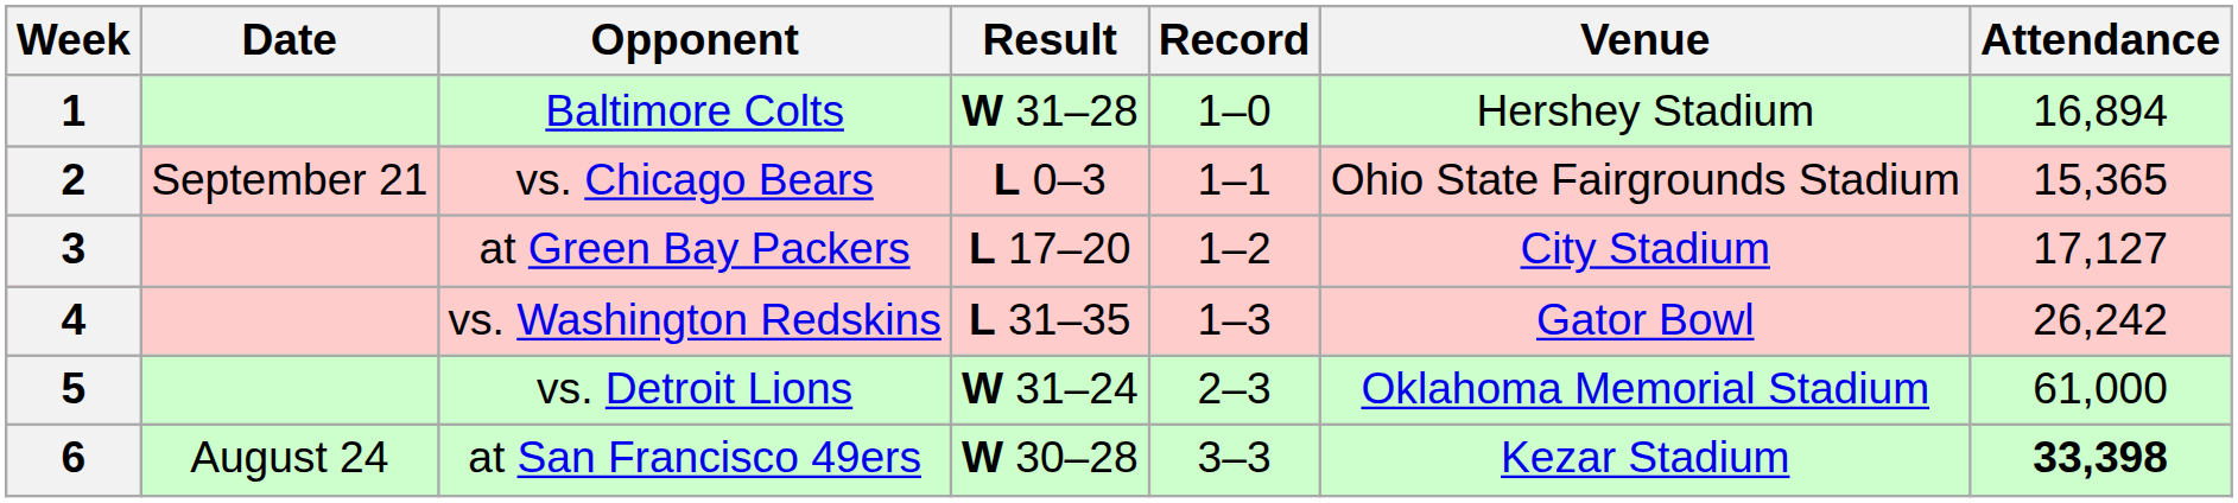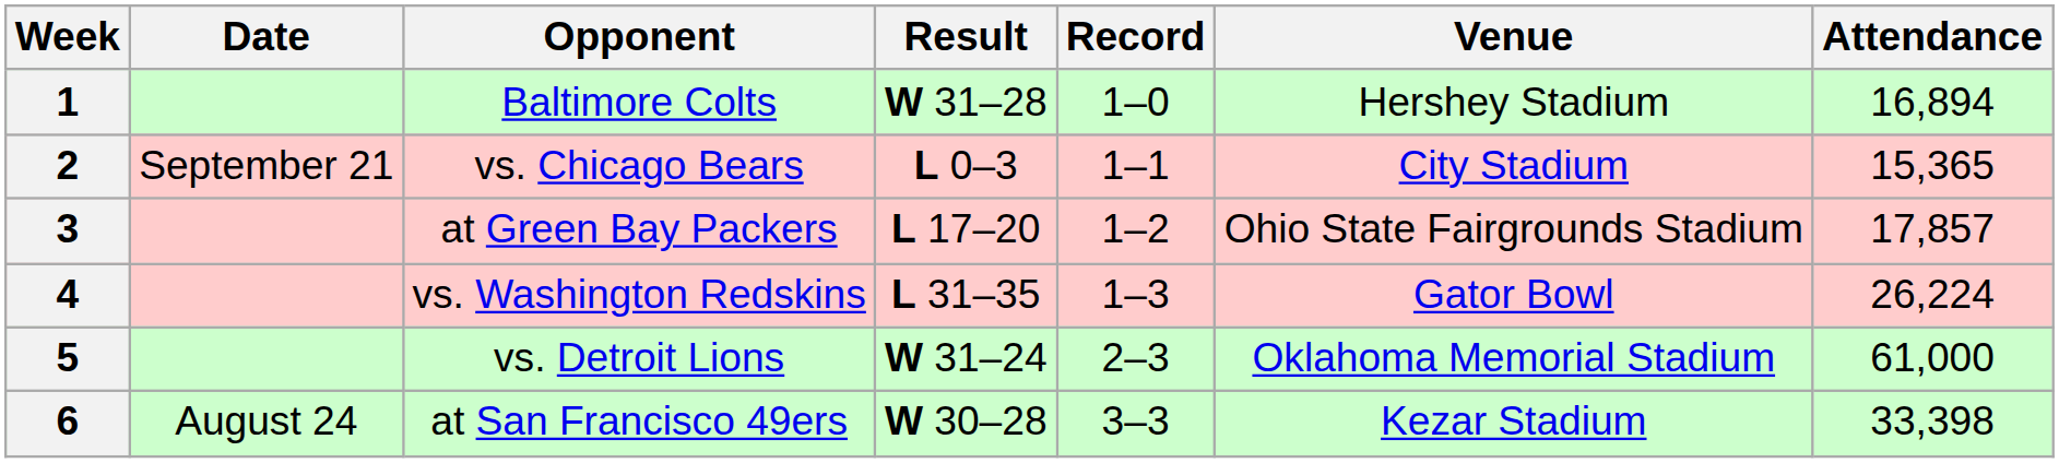 <table class="wikitable" style="text-align:center">
 <tr>
 <th>Week</th>
 <th>Date</th>
 <th>Opponent</th>
 <th>Result</th>
 <th>Record</th>
 <th>Venue</th>
 <th>Attendance</th>
 </tr>
 <tr style="background:#cfc">
 <th>1</th>
 <td></td>
 <td><a href='#'>Baltimore Colts</a></td>
 <td><strong>W</strong> 31–28</td>
 <td>1–0</td>
 <td>Hershey Stadium</td>
 <td>16,894</td>
 </tr>
 <tr style="background:#fcc">
 <th>2</th>
 <td>September 21</td>
 <td>vs. <a href='#'>Chicago Bears</a></td>
 <td><strong>L</strong> 0–3</td>
 <td>1–1</td>
-<td>Ohio State Fairgrounds Stadium</td>
+<td><a href='#'>City Stadium</a></td>
 <td>15,365</td>
 </tr>
 <tr style="background:#fcc">
 <th>3</th>
 <td></td>
 <td>at <a href='#'>Green Bay Packers</a></td>
 <td><strong>L</strong> 17–20</td>
 <td>1–2</td>
-<td><a href='#'>City Stadium</a></td>
-<td>17,127</td>
+<td>Ohio State Fairgrounds Stadium</td>
+<td>17,857</td>
 </tr>
 <tr style="background:#fcc">
 <th>4</th>
 <td></td>
 <td>vs. <a href='#'>Washington Redskins</a></td>
 <td><strong>L</strong> 31–35</td>
 <td>1–3</td>
 <td><a href='#'>Gator Bowl</a></td>
-<td>26,242</td>
+<td>26,224</td>
 </tr>
 <tr style="background:#cfc">
 <th>5</th>
 <td></td>
 <td>vs. <a href='#'>Detroit Lions</a></td>
 <td><strong>W</strong> 31–24</td>
 <td>2–3</td>
 <td><a href='#'>Oklahoma Memorial Stadium</a></td>
 <td>61,000</td>
 </tr>
 <tr style="background:#cfc">
 <th>6</th>
 <td>August 24</td>
 <td>at <a href='#'>San Francisco 49ers</a></td>
 <td><strong>W</strong> 30–28</td>
 <td>3–3</td>
 <td><a href='#'>Kezar Stadium</a></td>
-<td><strong>33,398</strong></td>
+<td>33,398</td>
 </tr>
 </table>
